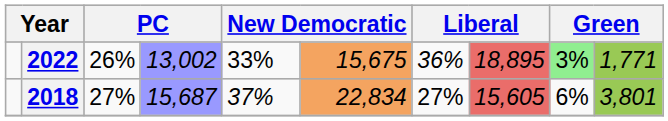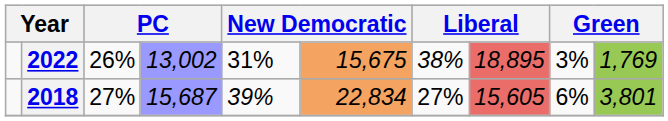 <table class="wikitable" style="float:right; width:400; font-size:90%; margin-left:1em;">
 <tr>
 <th colspan="2" scope="col">Year</th>
 <th colspan="2" scope="col"><a href='#'>PC</a></th>
 <th colspan="2" scope="col"><a href='#'>New Democratic</a></th>
 <th colspan="2" scope="col"><a href='#'>Liberal</a></th>
 <th colspan="2" scope="col"><a href='#'>Green</a></th>
 </tr>
 <tr>
 <td style="width: 0.25em; background-color: "></td>
 <th><a href='#'>2022</a></th>
 <td>26%</td>
 <td style="text-align:right; background:#9999FF;"><em>13,002</em></td>
-<td>33%</td>
+<td>31%</td>
 <td style="text-align:right; background:#F4A460;"><em>15,675</em></td>
-<td><em>36%</em></td>
+<td><em>38%</em></td>
 <td style="text-align:right; background:#EA6D6A;"><em>18,895</em></td>
-<td style="background: lightgreen;">3%</td>
-<td style="text-align:right; background:#99C955;"><em>1,771</em></td>
+<td>3%</td>
+<td style="text-align:right; background:#99C955;"><em>1,769</em></td>
 </tr>
 <tr>
 <td style="width: 0.25em; background-color: "></td>
 <th><a href='#'>2018</a></th>
 <td>27%</td>
 <td style="text-align:right; background:#9999FF;"><em>15,687</em></td>
-<td><em>37%</em></td>
+<td><em>39%</em></td>
 <td style="text-align:right; background:#F4A460;"><em>22,834</em></td>
 <td>27%</td>
 <td style="text-align:right; background:#EA6D6A;"><em>15,605</em></td>
 <td>6%</td>
 <td style="text-align:right; background:#99C955;"><em>3,801</em></td>
 </tr>
 <tr>
 </tr>
 </table>
